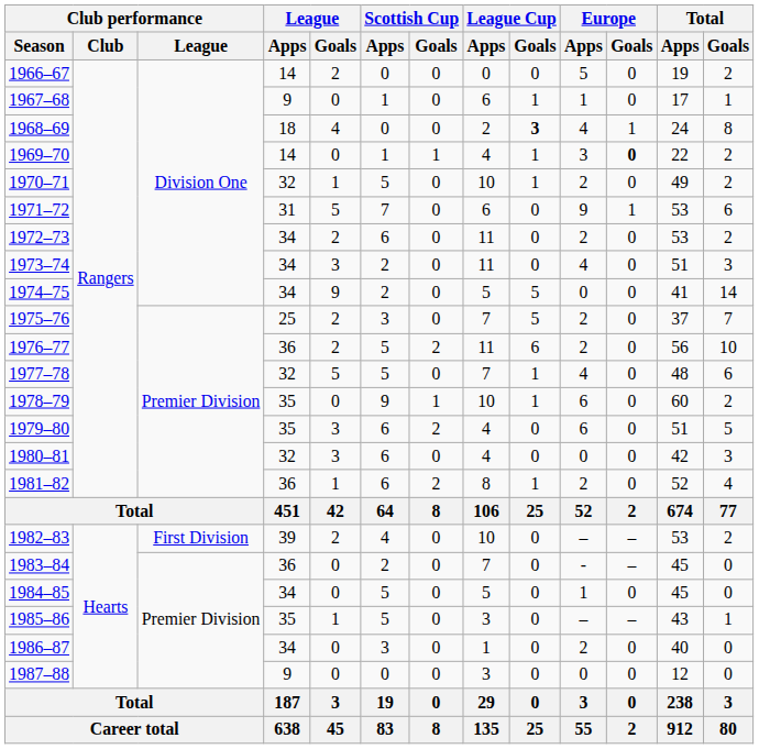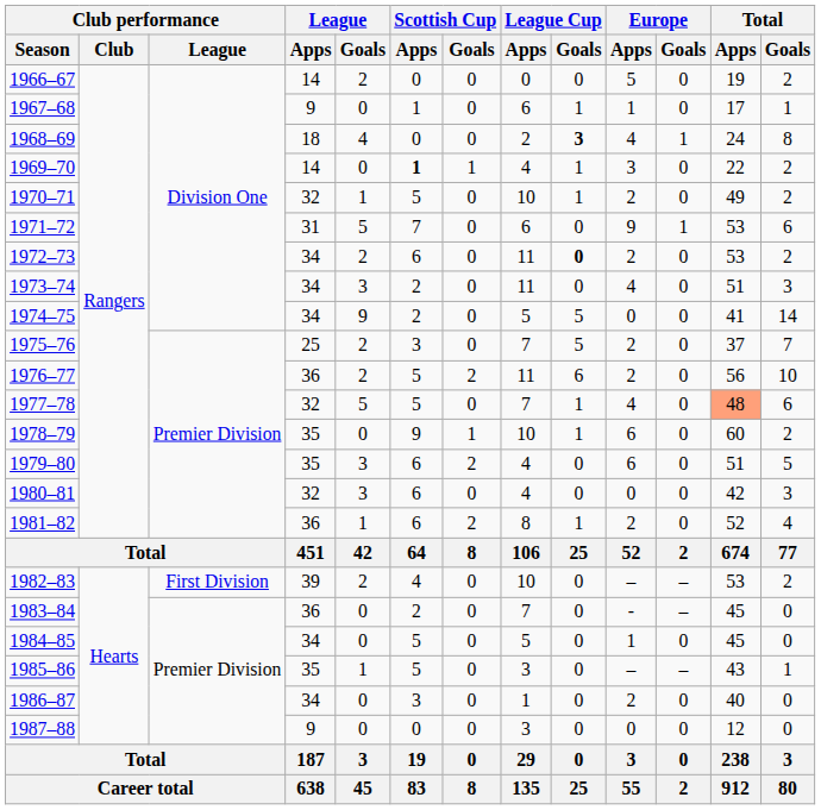 <table class="wikitable" style="text-align:center">
 <tr>
 <th colspan=3>Club performance</th>
 <th colspan=2><a href='#'>League</a></th>
 <th colspan=2><a href='#'>Scottish Cup</a></th>
 <th colspan=2><a href='#'>League Cup</a></th>
 <th colspan=2><a href='#'>Europe</a></th>
 <th colspan=2>Total</th>
 </tr>
 <tr>
 <th>Season</th>
 <th>Club</th>
 <th>League</th>
 <th>Apps</th>
 <th>Goals</th>
 <th>Apps</th>
 <th>Goals</th>
 <th>Apps</th>
 <th>Goals</th>
 <th>Apps</th>
 <th>Goals</th>
 <th>Apps</th>
 <th>Goals</th>
 </tr>
 <tr>
 <td><a href='#'>1966–67</a></td>
 <td rowspan="16"><a href='#'>Rangers</a></td>
 <td rowspan="9"><a href='#'>Division One</a></td>
 <td>14</td>
 <td>2</td>
 <td>0</td>
 <td>0</td>
 <td>0</td>
 <td>0</td>
 <td>5</td>
 <td>0</td>
 <td>19</td>
 <td>2</td>
 </tr>
 <tr align="center">
 <td><a href='#'>1967–68</a></td>
 <td>9</td>
 <td>0</td>
 <td>1</td>
 <td>0</td>
 <td>6</td>
 <td>1</td>
 <td>1</td>
 <td>0</td>
 <td>17</td>
 <td>1</td>
 </tr>
 <tr align="center">
 <td><a href='#'>1968–69</a></td>
 <td>18</td>
 <td>4</td>
 <td>0</td>
 <td>0</td>
 <td>2</td>
 <td><strong>3</strong></td>
 <td>4</td>
 <td>1</td>
 <td>24</td>
 <td>8</td>
 </tr>
 <tr align="center">
 <td><a href='#'>1969–70</a></td>
 <td>14</td>
 <td>0</td>
-<td>1</td>
+<td><strong>1</strong></td>
 <td>1</td>
 <td>4</td>
 <td>1</td>
 <td>3</td>
-<td><strong>0</strong></td>
+<td>0</td>
 <td>22</td>
 <td>2</td>
 </tr>
 <tr align="center">
 <td><a href='#'>1970–71</a></td>
 <td>32</td>
 <td>1</td>
 <td>5</td>
 <td>0</td>
 <td>10</td>
 <td>1</td>
 <td>2</td>
 <td>0</td>
 <td>49</td>
 <td>2</td>
 </tr>
 <tr align="center">
 <td><a href='#'>1971–72</a></td>
 <td>31</td>
 <td>5</td>
 <td>7</td>
 <td>0</td>
 <td>6</td>
 <td>0</td>
 <td>9</td>
 <td>1</td>
 <td>53</td>
 <td>6</td>
 </tr>
 <tr align="center">
 <td><a href='#'>1972–73</a></td>
 <td>34</td>
 <td>2</td>
 <td>6</td>
 <td>0</td>
 <td>11</td>
-<td>0</td>
+<td><strong>0</strong></td>
 <td>2</td>
 <td>0</td>
 <td>53</td>
 <td>2</td>
 </tr>
 <tr align="center">
 <td><a href='#'>1973–74</a></td>
 <td>34</td>
 <td>3</td>
 <td>2</td>
 <td>0</td>
 <td>11</td>
 <td>0</td>
 <td>4</td>
 <td>0</td>
 <td>51</td>
 <td>3</td>
 </tr>
 <tr align="center">
 <td><a href='#'>1974–75</a></td>
 <td>34</td>
 <td>9</td>
 <td>2</td>
 <td>0</td>
 <td>5</td>
 <td>5</td>
 <td>0</td>
 <td>0</td>
 <td>41</td>
 <td>14</td>
 </tr>
 <tr align="center">
 <td><a href='#'>1975–76</a></td>
 <td rowspan="7"><a href='#'>Premier Division</a></td>
 <td>25</td>
 <td>2</td>
 <td>3</td>
 <td>0</td>
 <td>7</td>
 <td>5</td>
 <td>2</td>
 <td>0</td>
 <td>37</td>
 <td>7</td>
 </tr>
 <tr align="center">
 <td><a href='#'>1976–77</a></td>
 <td>36</td>
 <td>2</td>
 <td>5</td>
 <td>2</td>
 <td>11</td>
 <td>6</td>
 <td>2</td>
 <td>0</td>
 <td>56</td>
 <td>10</td>
 </tr>
 <tr align="center">
 <td><a href='#'>1977–78</a></td>
 <td>32</td>
 <td>5</td>
 <td>5</td>
 <td>0</td>
 <td>7</td>
 <td>1</td>
 <td>4</td>
 <td>0</td>
-<td>48</td>
+<td style="background: lightsalmon;">48</td>
 <td>6</td>
 </tr>
 <tr align="center">
 <td><a href='#'>1978–79</a></td>
 <td>35</td>
 <td>0</td>
 <td>9</td>
 <td>1</td>
 <td>10</td>
 <td>1</td>
 <td>6</td>
 <td>0</td>
 <td>60</td>
 <td>2</td>
 </tr>
 <tr align="center">
 <td><a href='#'>1979–80</a></td>
 <td>35</td>
 <td>3</td>
 <td>6</td>
 <td>2</td>
 <td>4</td>
 <td>0</td>
 <td>6</td>
 <td>0</td>
 <td>51</td>
 <td>5</td>
 </tr>
 <tr align="center">
 <td><a href='#'>1980–81</a></td>
 <td>32</td>
 <td>3</td>
 <td>6</td>
 <td>0</td>
 <td>4</td>
 <td>0</td>
 <td>0</td>
 <td>0</td>
 <td>42</td>
 <td>3</td>
 </tr>
 <tr align="center">
 <td><a href='#'>1981–82</a></td>
 <td>36</td>
 <td>1</td>
 <td>6</td>
 <td>2</td>
 <td>8</td>
 <td>1</td>
 <td>2</td>
 <td>0</td>
 <td>52</td>
 <td>4</td>
 </tr>
 <tr>
 <th colspan=3>Total</th>
 <th>451</th>
 <th>42</th>
 <th>64</th>
 <th>8</th>
 <th>106</th>
 <th>25</th>
 <th>52</th>
 <th>2</th>
 <th>674</th>
 <th>77</th>
 </tr>
 <tr>
 <td><a href='#'>1982–83</a></td>
 <td rowspan="6"><a href='#'>Hearts</a></td>
 <td rowspan="1"><a href='#'>First Division</a></td>
 <td>39</td>
 <td>2</td>
 <td>4</td>
 <td>0</td>
 <td>10</td>
 <td>0</td>
 <td>–</td>
 <td>–</td>
 <td>53</td>
 <td>2</td>
 </tr>
 <tr align="center">
 <td><a href='#'>1983–84</a></td>
 <td rowspan="5">Premier Division</td>
 <td>36</td>
 <td>0</td>
 <td>2</td>
 <td>0</td>
 <td>7</td>
 <td>0</td>
 <td>-</td>
 <td>–</td>
 <td>45</td>
 <td>0</td>
 </tr>
 <tr align="center">
 <td><a href='#'>1984–85</a></td>
 <td>34</td>
 <td>0</td>
 <td>5</td>
 <td>0</td>
 <td>5</td>
 <td>0</td>
 <td>1</td>
 <td>0</td>
 <td>45</td>
 <td>0</td>
 </tr>
 <tr align="center">
 <td><a href='#'>1985–86</a></td>
 <td>35</td>
 <td>1</td>
 <td>5</td>
 <td>0</td>
 <td>3</td>
 <td>0</td>
 <td>–</td>
 <td>–</td>
 <td>43</td>
 <td>1</td>
 </tr>
 <tr align="center">
 <td><a href='#'>1986–87</a></td>
 <td>34</td>
 <td>0</td>
 <td>3</td>
 <td>0</td>
 <td>1</td>
 <td>0</td>
 <td>2</td>
 <td>0</td>
 <td>40</td>
 <td>0</td>
 </tr>
 <tr align="center">
 <td><a href='#'>1987–88</a></td>
 <td>9</td>
 <td>0</td>
 <td>0</td>
 <td>0</td>
 <td>3</td>
 <td>0</td>
 <td>0</td>
 <td>0</td>
 <td>12</td>
 <td>0</td>
 </tr>
 <tr>
 <th colspan=3>Total</th>
 <th>187</th>
 <th>3</th>
 <th>19</th>
 <th>0</th>
 <th>29</th>
 <th>0</th>
 <th>3</th>
 <th>0</th>
 <th>238</th>
 <th>3</th>
 </tr>
 <tr>
 <th colspan=3>Career total</th>
 <th>638</th>
 <th>45</th>
 <th>83</th>
 <th>8</th>
 <th>135</th>
 <th>25</th>
 <th>55</th>
 <th>2</th>
 <th>912</th>
 <th>80</th>
 </tr>
 </table>
